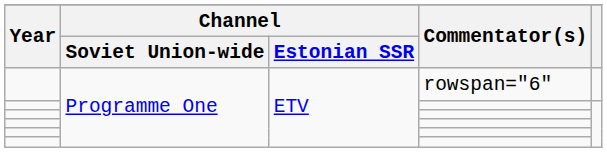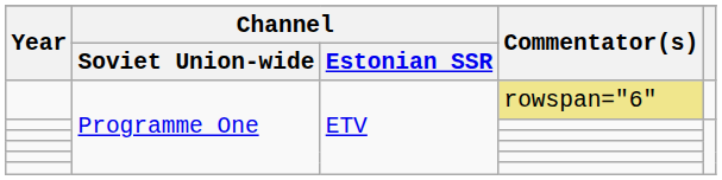 <table class="wikitable plainrowheaders">
 <tr>
 </tr>
 <tr>
 <th rowspan="2">Year</th>
 <th colspan="2">Channel</th>
 <th rowspan="2">Commentator(s)</th>
 <th rowspan="2"></th>
 </tr>
 <tr>
 <th>Soviet Union-wide</th>
 <th><a href='#'>Estonian SSR</a></th>
 </tr>
 <tr>
 <td></td>
 <td rowspan="6"><a href='#'>Programme One</a></td>
 <td rowspan="6"><a href='#'>ETV</a></td>
-<td>rowspan="6" </td>
+<td style="background: khaki;">rowspan="6" </td>
 <td></td>
 </tr>
 <tr>
 <td></td>
 <td></td>
 </tr>
 <tr>
 <td></td>
 <td></td>
 </tr>
 <tr>
 <td></td>
 <td></td>
 </tr>
 <tr>
 <td></td>
 <td></td>
 </tr>
 <tr>
 <td></td>
 <td></td>
 </tr>
 </table>
